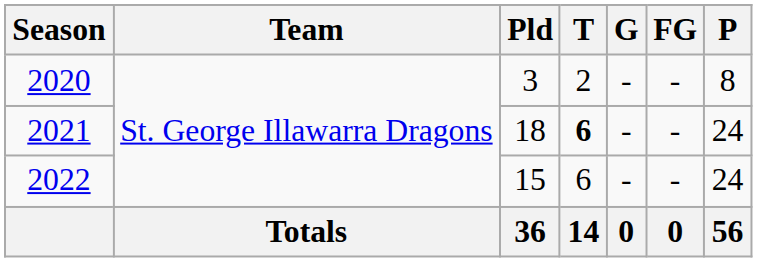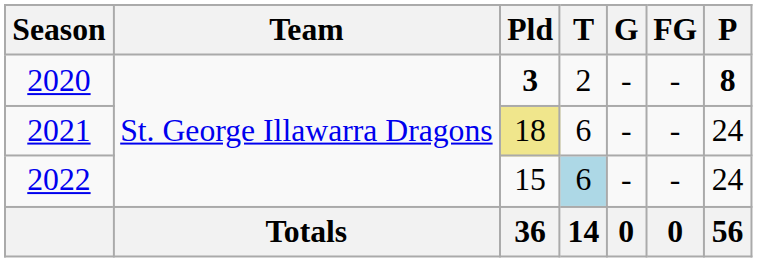 <table class="wikitable" style="border-collapse:collapse;text-align:center">
 <tr>
 <th>Season</th>
 <th>Team</th>
 <th>Pld</th>
 <th>T</th>
 <th>G</th>
 <th>FG</th>
 <th>P</th>
 </tr>
 <tr>
 <td><a href='#'>2020</a></td>
 <td rowspan=3> <a href='#'>St. George Illawarra Dragons</a></td>
-<td>3</td>
+<td><strong>3</strong></td>
 <td>2</td>
 <td>-</td>
 <td>-</td>
-<td>8</td>
+<td><strong>8</strong></td>
 </tr>
 <tr>
 <td><a href='#'>2021</a></td>
-<td>18</td>
-<td><strong>6</strong></td>
+<td style="background: khaki;">18</td>
+<td>6</td>
 <td>-</td>
 <td>-</td>
 <td>24</td>
 </tr>
 <tr>
 <td><a href='#'>2022</a></td>
 <td>15</td>
-<td>6</td>
+<td style="background: lightblue;">6</td>
 <td>-</td>
 <td>-</td>
 <td>24</td>
 </tr>
 <tr>
 <th></th>
 <th>Totals</th>
 <th>36</th>
 <th>14</th>
 <th>0</th>
 <th>0</th>
 <th>56</th>
 </tr>
 </table>
